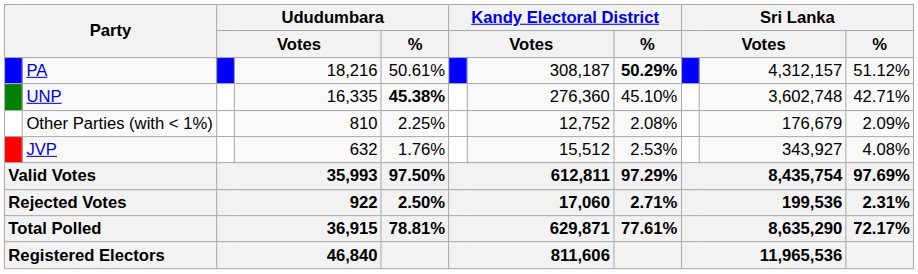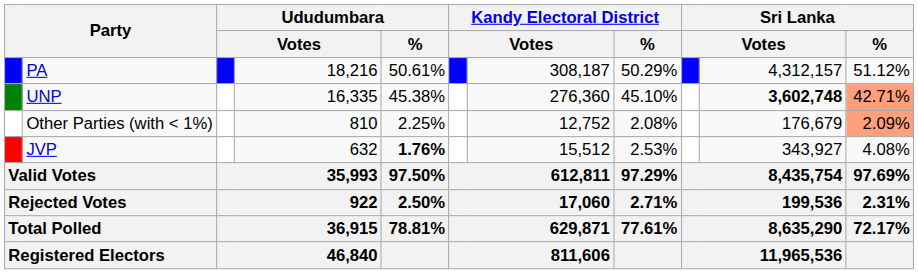 <table class="wikitable">
 <tr>
 <th colspan="2" width="144px"rowspan="2">Party</th>
 <th colspan="3" width="216px">Ududumbara</th>
 <th colspan="3" width="216px"><a href='#'>Kandy Electoral District</a></th>
 <th colspan="3" width="216px">Sri Lanka</th>
 </tr>
 <tr>
 <th colspan="2" width="144px">Votes</th>
 <th>%</th>
 <th colspan="2" width="144px">Votes</th>
 <th>%</th>
 <th colspan="2" width="144px">Votes</th>
 <th>%</th>
 </tr>
 <tr>
 <td style="background-color:blue;" width="10px"></td>
 <td style="text-align:left;"><a href='#'>PA</a></td>
 <td style="background-color:blue;" width="10px"></td>
 <td style="text-align:right;">18,216</td>
 <td style="text-align:right;">50.61%</td>
 <td style="background-color:blue;" width="10px"></td>
 <td style="text-align:right;">308,187</td>
-<td style="text-align:right;"><strong>50.29%</strong></td>
+<td style="text-align:right;">50.29%</td>
 <td style="background-color:blue;" width="10px"></td>
 <td style="text-align:right;">4,312,157</td>
 <td style="text-align:right;">51.12%</td>
 </tr>
 <tr>
 <td style="background-color:green;" width="10px"></td>
 <td style="text-align:left;"><a href='#'>UNP</a></td>
 <td style="background-color:white;" width="10px"></td>
 <td style="text-align:right;">16,335</td>
-<td style="text-align:right;"><strong>45.38%</strong></td>
+<td style="text-align:right;">45.38%</td>
 <td style="background-color:white;" width="10px"></td>
 <td style="text-align:right;">276,360</td>
 <td style="text-align:right;">45.10%</td>
 <td style="background-color:white;" width="10px"></td>
-<td style="text-align:right;">3,602,748</td>
-<td style="text-align:right;">42.71%</td>
+<td style="text-align:right;"><strong>3,602,748</strong></td>
+<td style="background: lightsalmon; text-align:right;">42.71%</td>
 </tr>
 <tr>
 <td style="background-color:white;" width="10px"></td>
 <td style="text-align:left;">Other Parties (with < 1%)</td>
 <td style="background-color:white;" width="10px"></td>
 <td style="text-align:right;">810</td>
 <td style="text-align:right;">2.25%</td>
 <td style="background-color:white;" width="10px"></td>
 <td style="text-align:right;">12,752</td>
 <td style="text-align:right;">2.08%</td>
 <td style="background-color:white;" width="10px"></td>
 <td style="text-align:right;">176,679</td>
-<td style="text-align:right;">2.09%</td>
+<td style="background: lightsalmon; text-align:right;">2.09%</td>
 </tr>
 <tr>
 <td style="background-color:red;" width="10px"></td>
 <td style="text-align:left;"><a href='#'>JVP</a></td>
 <td style="background-color:white;" width="10px"></td>
 <td style="text-align:right;">632</td>
-<td style="text-align:right;">1.76%</td>
+<td style="text-align:right;"><strong>1.76%</strong></td>
 <td style="background-color:white;" width="10px"></td>
 <td style="text-align:right;">15,512</td>
 <td style="text-align:right;">2.53%</td>
 <td style="background-color:white;" width="10px"></td>
 <td style="text-align:right;">343,927</td>
 <td style="text-align:right;">4.08%</td>
 </tr>
 <tr>
 <th colspan="2" width="144px"style="text-align:left;">Valid Votes</th>
 <th style="text-align:right;"colspan="2" width="144px">35,993</th>
 <th style="text-align:right;">97.50%</th>
 <th style="text-align:right;"colspan="2" width="144px">612,811</th>
 <th style="text-align:right;">97.29%</th>
 <th style="text-align:right;"colspan="2" width="144px">8,435,754</th>
 <th style="text-align:right;">97.69%</th>
 </tr>
 <tr>
 <th colspan="2" width="144px"style="text-align:left;">Rejected Votes</th>
 <th style="text-align:right;"colspan="2" width="144px">922</th>
 <th style="text-align:right;">2.50%</th>
 <th style="text-align:right;"colspan="2" width="144px">17,060</th>
 <th style="text-align:right;">2.71%</th>
 <th style="text-align:right;"colspan="2" width="144px">199,536</th>
 <th style="text-align:right;">2.31%</th>
 </tr>
 <tr>
 <th colspan="2" width="144px"style="text-align:left;">Total Polled</th>
 <th style="text-align:right;"colspan="2" width="144px">36,915</th>
 <th style="text-align:right;">78.81%</th>
 <th style="text-align:right;"colspan="2" width="144px">629,871</th>
 <th style="text-align:right;">77.61%</th>
 <th style="text-align:right;"colspan="2" width="144px">8,635,290</th>
 <th style="text-align:right;">72.17%</th>
 </tr>
 <tr>
 <th colspan="2" width="144px"style="text-align:left;">Registered Electors</th>
 <th style="text-align:right;"colspan="2" width="144px">46,840</th>
 <th></th>
 <th style="text-align:right;"colspan="2" width="144px">811,606</th>
 <th></th>
 <th style="text-align:right;"colspan="2" width="144px">11,965,536</th>
 <th></th>
 </tr>
 </table>
